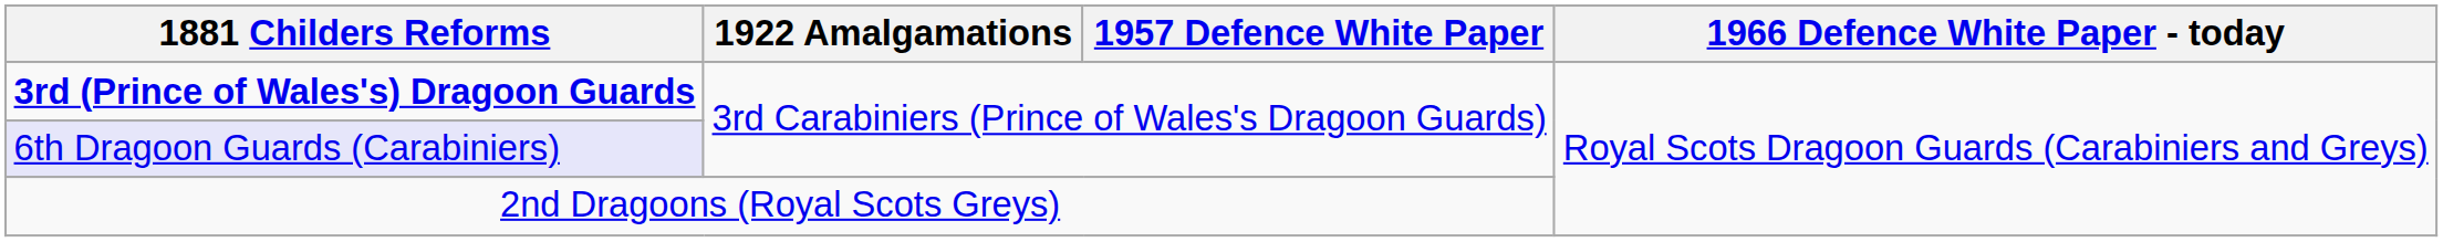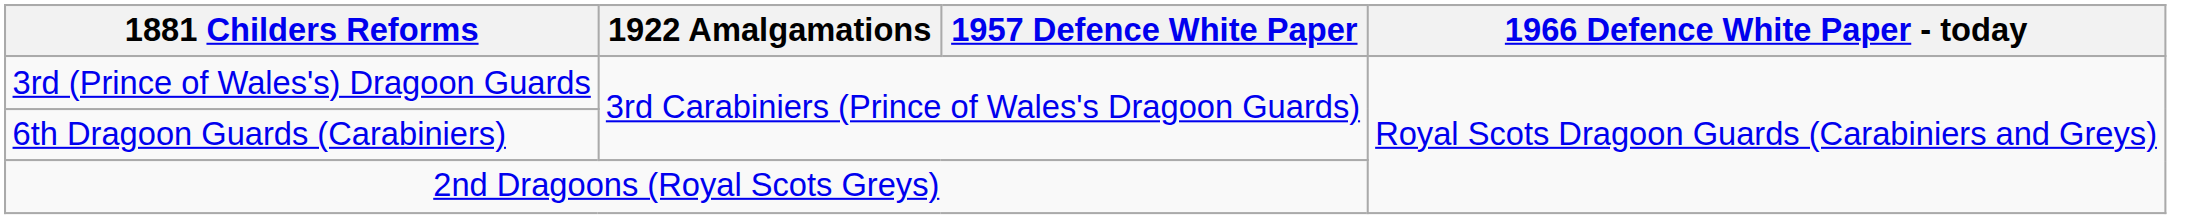 <table class="wikitable">
 <tr>
 <th>1881 <a href='#'>Childers Reforms</a></th>
 <th>1922 Amalgamations</th>
 <th><a href='#'>1957 Defence White Paper</a></th>
 <th><a href='#'>1966 Defence White Paper</a> - today</th>
 </tr>
 <tr>
-<td><strong><a href='#'>3rd (Prince of Wales's) Dragoon Guards</a></strong></td>
+<td><a href='#'>3rd (Prince of Wales's) Dragoon Guards</a></td>
 <td rowspan="2" colspan="2" style="text-align: center;"><a href='#'>3rd Carabiniers (Prince of Wales's Dragoon Guards)</a></td>
 <td rowspan="3" colspan="3" style="text-align: center;"><a href='#'>Royal Scots Dragoon Guards (Carabiniers and Greys)</a></td>
 </tr>
 <tr>
-<td style="background: lavender;"><a href='#'>6th Dragoon Guards (Carabiniers)</a></td>
+<td><a href='#'>6th Dragoon Guards (Carabiniers)</a></td>
 </tr>
 <tr>
 <td colspan="3" style="text-align:center;"><a href='#'>2nd Dragoons (Royal Scots Greys)</a></td>
 </tr>
 </table>
